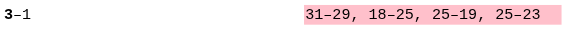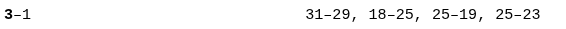 <table>
 <tr>
 <th width=200></th>
 <th width=80></th>
 <th width=200></th>
 <th width=220></th>
 </tr>
 <tr>
 <td align=right><strong></strong></td>
 <td align=center><strong>3</strong>–1</td>
 <td></td>
-<td style="background: pink;">31–29, 18–25, 25–19, 25–23</td>
+<td>31–29, 18–25, 25–19, 25–23</td>
 </tr>
 </table>
